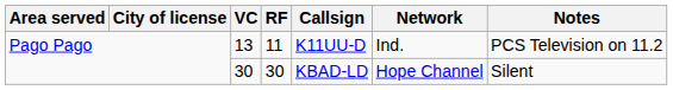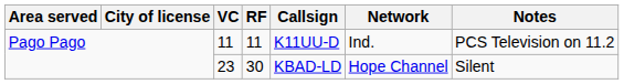 <table class="sortable wikitable" style="margin: 1em 1em 1em 0; background: #f9f9f9;">
 <tr>
 <th>Area served</th>
 <th>City of license</th>
 <th>VC</th>
 <th>RF</th>
 <th>Callsign</th>
 <th>Network</th>
 <th class="unsortable">Notes</th>
 </tr>
 <tr style="vertical-align: top; text-align: left;">
 <td colspan="2" rowspan="2"><a href='#'>Pago Pago</a></td>
-<td>13</td>
+<td>11</td>
 <td>11</td>
 <td><a href='#'>K11UU-D</a></td>
 <td>Ind.</td>
 <td>PCS Television on 11.2</td>
 </tr>
 <tr style="vertical-align: top; text-align: left;">
-<td>30</td>
+<td>23</td>
 <td>30</td>
 <td><a href='#'>KBAD-LD</a></td>
 <td><a href='#'>Hope Channel</a></td>
 <td>Silent</td>
 </tr>
 </table>
